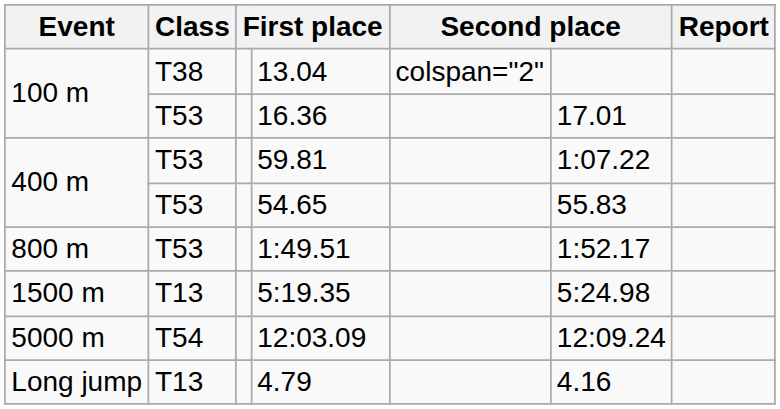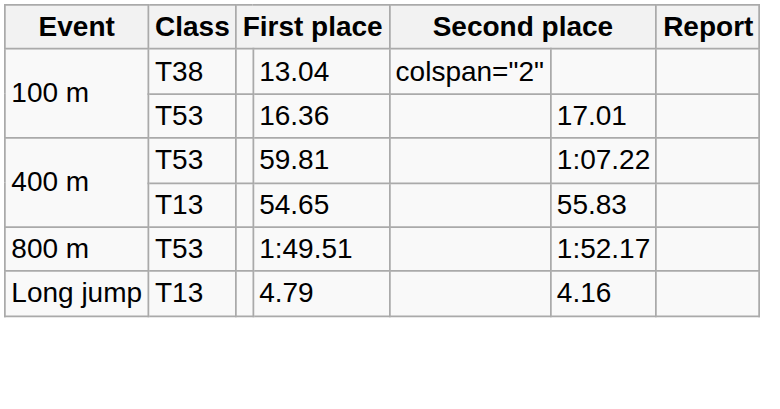 <table class="wikitable">
 <tr>
 <th>Event</th>
 <th>Class</th>
 <th colspan="2">First place</th>
 <th colspan="2">Second place</th>
 <th>Report</th>
 </tr>
 <tr>
 <td rowspan="2">100 m</td>
 <td>T38</td>
 <td></td>
 <td>13.04 </td>
 <td>colspan="2" </td>
 <td></td>
 </tr>
 <tr>
 <td>T53</td>
 <td></td>
 <td>16.36 </td>
 <td></td>
 <td>17.01</td>
 <td></td>
 </tr>
 <tr>
 <td rowspan="2">400 m</td>
 <td>T53</td>
 <td></td>
 <td>59.81 </td>
 <td></td>
 <td>1:07.22</td>
 <td></td>
 </tr>
 <tr>
-<td>T53</td>
+<td>T13</td>
 <td></td>
 <td>54.65 </td>
 <td></td>
 <td>55.83</td>
 <td></td>
 </tr>
 <tr>
 <td>800 m</td>
 <td>T53</td>
 <td></td>
 <td>1:49.51 </td>
 <td></td>
 <td>1:52.17 </td>
 <td></td>
 </tr>
 <tr>
-<td>1500 m</td>
-<td>T13</td>
-<td></td>
-<td>5:19.35</td>
-<td></td>
-<td>5:24.98</td>
-<td></td>
-</tr>
-<tr>
-<td>5000 m</td>
-<td>T54</td>
-<td></td>
-<td>12:03.09</td>
-<td></td>
-<td>12:09.24</td>
-<td></td>
-</tr>
-<tr>
 <td>Long jump</td>
 <td>T13</td>
 <td></td>
 <td>4.79</td>
 <td></td>
 <td>4.16 </td>
 <td></td>
 </tr>
 </table>
